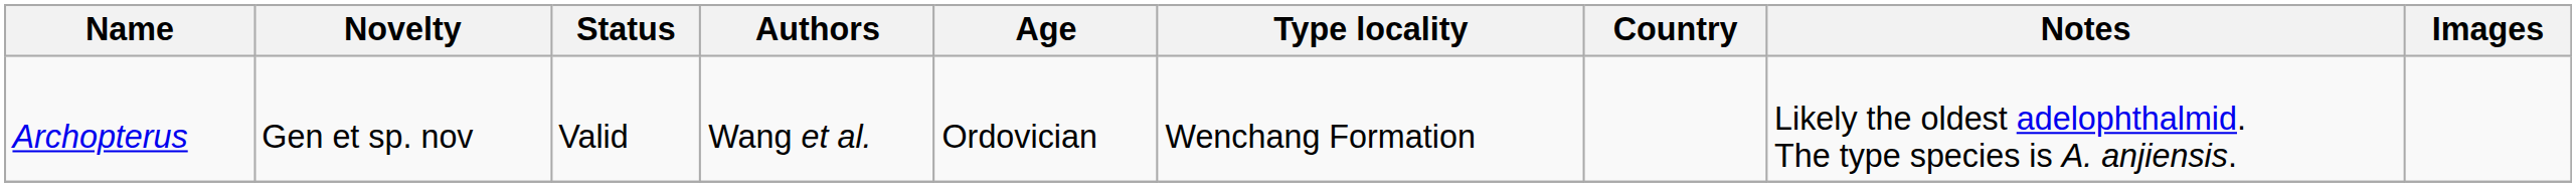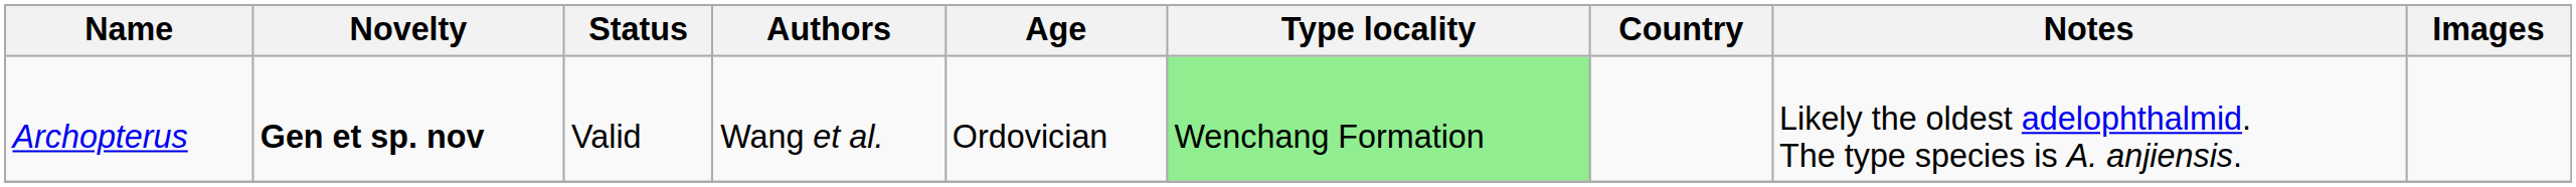 <table class="wikitable sortable" align="center" width="100%">
 <tr>
 <th>Name</th>
 <th>Novelty</th>
 <th>Status</th>
 <th>Authors</th>
 <th>Age</th>
 <th>Type locality</th>
 <th>Country</th>
 <th>Notes</th>
 <th>Images</th>
 </tr>
 <tr>
 <td><br><em><a href='#'>Archopterus</a></em></td>
-<td><br>Gen et sp. nov</td>
+<td><strong><br>Gen et sp. nov</strong></td>
 <td><br>Valid</td>
 <td><br>Wang <em>et al.</em></td>
 <td><br>Ordovician</td>
-<td><br>Wenchang Formation</td>
+<td style="background: lightgreen;"><br>Wenchang Formation</td>
 <td><br></td>
 <td><br>Likely the oldest <a href='#'>adelophthalmid</a>.<br> The type species is <em>A. anjiensis</em>.</td>
 <td></td>
 </tr>
 <tr>
 </tr>
 </table>
